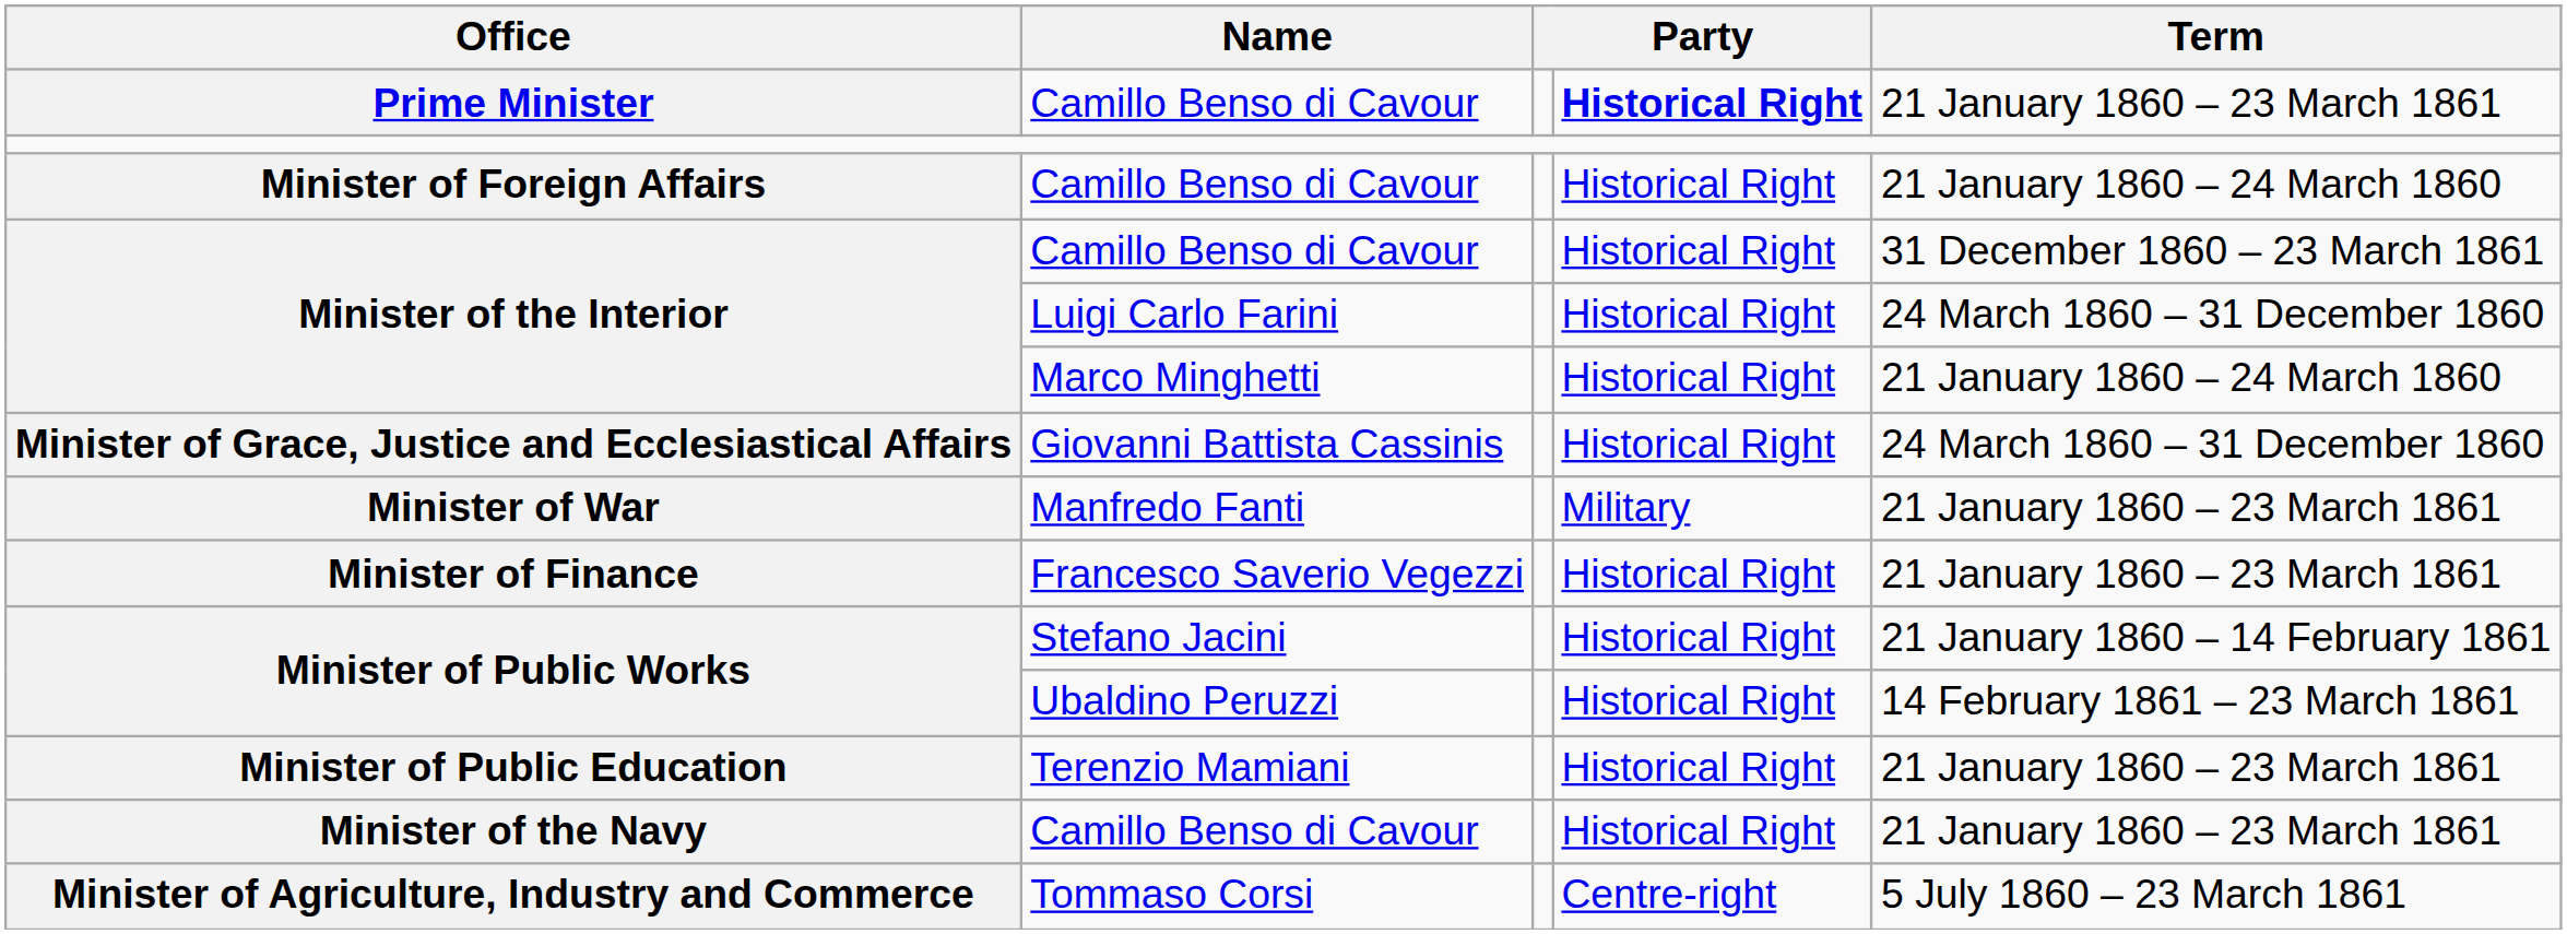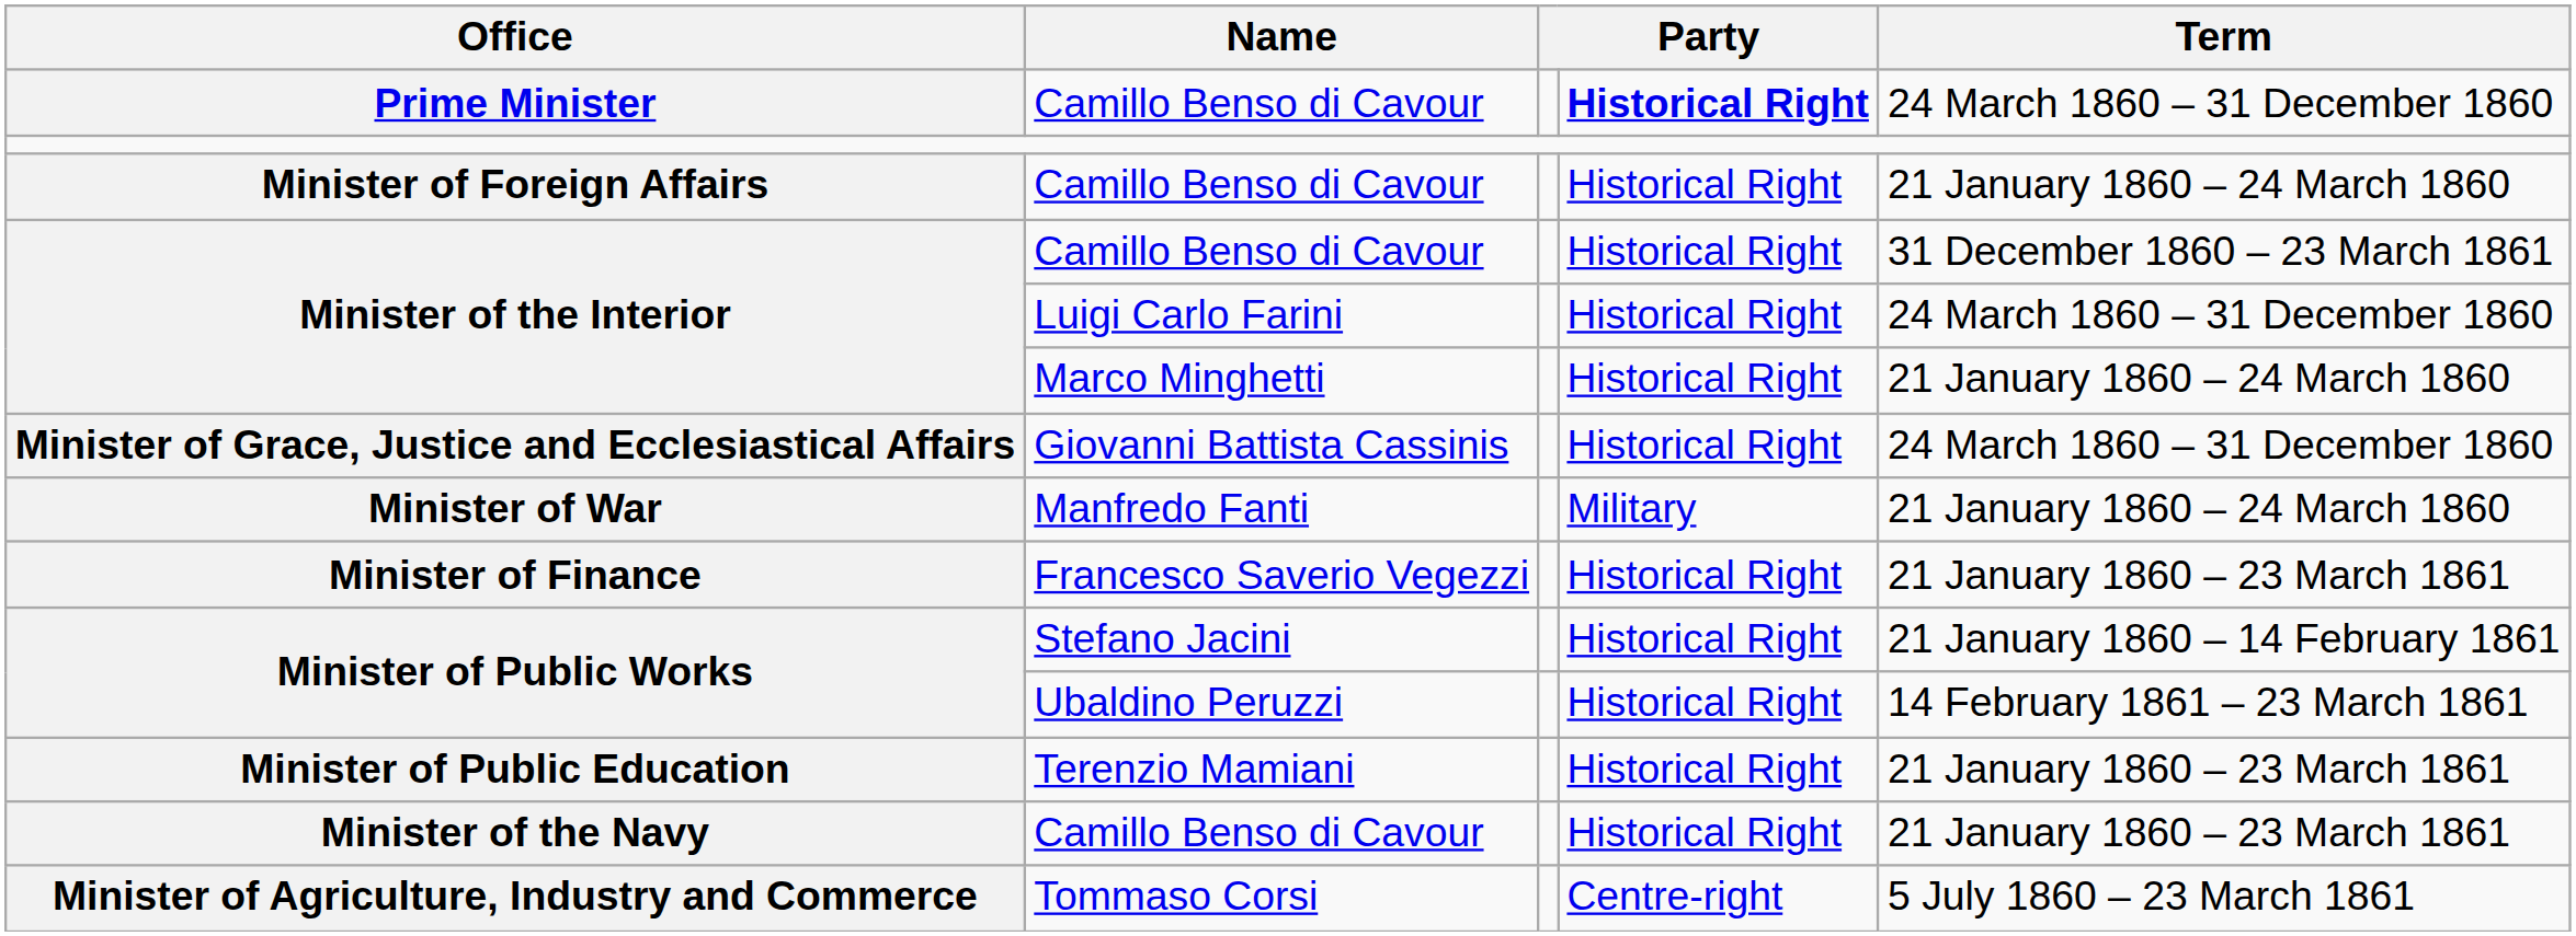 <table class="wikitable" style="font-size: 100%;">
 <tr>
 <th>Office</th>
 <th>Name</th>
 <th colspan=2>Party</th>
 <th>Term</th>
 </tr>
 <tr>
 <th><a href='#'>Prime Minister</a></th>
 <td><a href='#'>Camillo Benso di Cavour</a></td>
 <td style="color:inherit;background:"></td>
 <td><strong><a href='#'>Historical Right</a></strong></td>
-<td>21 January 1860 – 23 March 1861</td>
+<td>24 March 1860 – 31 December 1860</td>
 </tr>
 <tr>
 <td colspan=6></td>
 </tr>
 <tr>
 <th>Minister of Foreign Affairs</th>
 <td><a href='#'>Camillo Benso di Cavour</a></td>
 <td style="color:inherit;background:"></td>
 <td><a href='#'>Historical Right</a></td>
 <td>21 January 1860 – 24 March 1860</td>
 </tr>
 <tr>
 <th rowspan=3>Minister of the Interior</th>
 <td><a href='#'>Camillo Benso di Cavour</a></td>
 <td style="color:inherit;background:"></td>
 <td><a href='#'>Historical Right</a></td>
 <td>31 December 1860 – 23 March 1861</td>
 </tr>
 <tr>
 <td><a href='#'>Luigi Carlo Farini</a></td>
 <td style="color:inherit;background:"></td>
 <td><a href='#'>Historical Right</a></td>
 <td>24 March 1860 – 31 December 1860</td>
 </tr>
 <tr>
 <td><a href='#'>Marco Minghetti</a></td>
 <td style="color:inherit;background:"></td>
 <td><a href='#'>Historical Right</a></td>
 <td>21 January 1860 – 24 March 1860</td>
 </tr>
 <tr>
 <th>Minister of Grace, Justice and Ecclesiastical Affairs</th>
 <td><a href='#'>Giovanni Battista Cassinis</a></td>
 <td style="color:inherit;background:"></td>
 <td><a href='#'>Historical Right</a></td>
 <td>24 March 1860 – 31 December 1860</td>
 </tr>
 <tr>
 <th>Minister of War</th>
 <td><a href='#'>Manfredo Fanti</a></td>
 <td style="color:inherit;background:"></td>
 <td><a href='#'>Military</a></td>
-<td>21 January 1860 – 23 March 1861</td>
+<td>21 January 1860 – 24 March 1860</td>
 </tr>
 <tr>
 <th>Minister of Finance</th>
 <td><a href='#'>Francesco Saverio Vegezzi</a></td>
 <td style="color:inherit;background:"></td>
 <td><a href='#'>Historical Right</a></td>
 <td>21 January 1860 – 23 March 1861</td>
 </tr>
 <tr>
 <th rowspan=2>Minister of Public Works</th>
 <td><a href='#'>Stefano Jacini</a></td>
 <td style="color:inherit;background:"></td>
 <td><a href='#'>Historical Right</a></td>
 <td>21 January 1860 – 14 February 1861</td>
 </tr>
 <tr>
 <td><a href='#'>Ubaldino Peruzzi</a></td>
 <td style="color:inherit;background:"></td>
 <td><a href='#'>Historical Right</a></td>
 <td>14 February 1861 – 23 March 1861</td>
 </tr>
 <tr>
 <th>Minister of Public Education</th>
 <td><a href='#'>Terenzio Mamiani</a></td>
 <td style="color:inherit;background:"></td>
 <td><a href='#'>Historical Right</a></td>
 <td>21 January 1860 – 23 March 1861</td>
 </tr>
 <tr>
 <th>Minister of the Navy</th>
 <td><a href='#'>Camillo Benso di Cavour</a></td>
 <td style="color:inherit;background:"></td>
 <td><a href='#'>Historical Right</a></td>
 <td>21 January 1860 – 23 March 1861</td>
 </tr>
 <tr>
 <th>Minister of Agriculture, Industry and Commerce</th>
 <td><a href='#'>Tommaso Corsi</a></td>
 <td style="color:inherit;background:"></td>
 <td><a href='#'>Centre-right</a></td>
 <td>5 July 1860 – 23 March 1861</td>
 </tr>
 </table>
